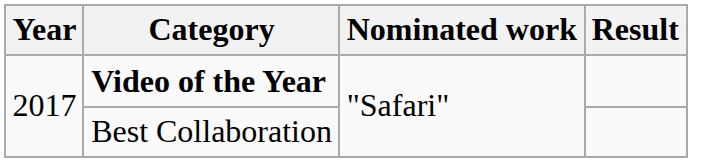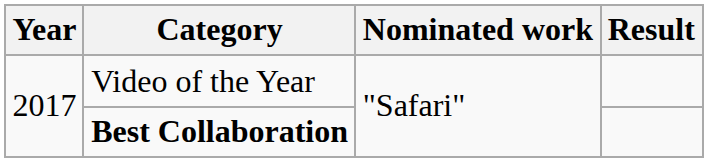 <table class="wikitable">
 <tr>
 <th>Year</th>
 <th>Category</th>
 <th>Nominated work</th>
 <th>Result</th>
 </tr>
 <tr>
 <td rowspan="2">2017</td>
-<td><strong>Video of the Year</strong></td>
+<td>Video of the Year</td>
 <td rowspan="2">"Safari" </td>
 <td></td>
 </tr>
 <tr>
-<td>Best Collaboration</td>
+<td><strong>Best Collaboration</strong></td>
 <td></td>
 </tr>
 </table>
